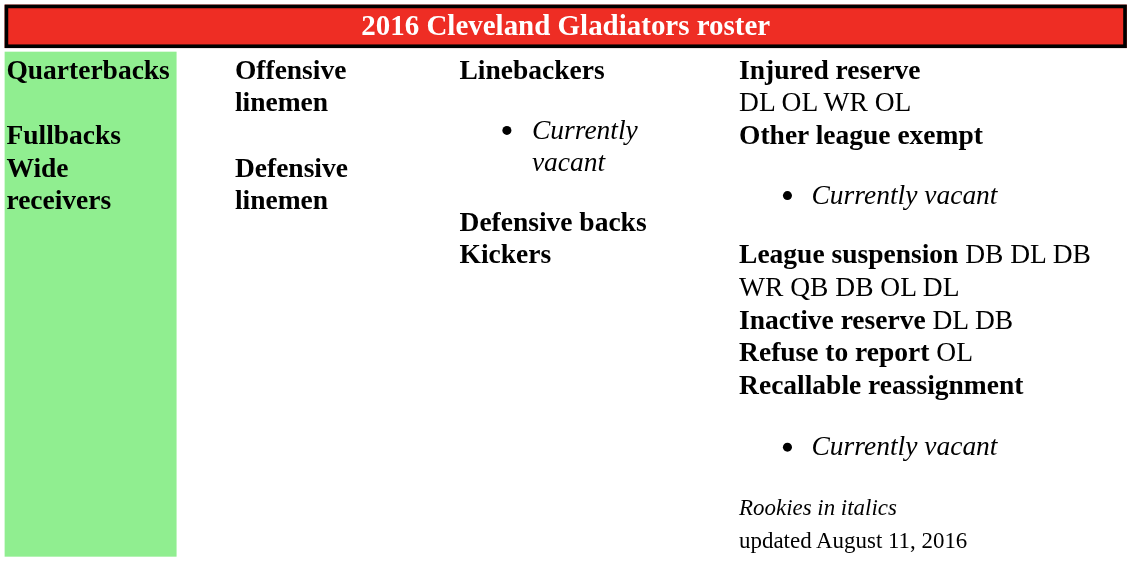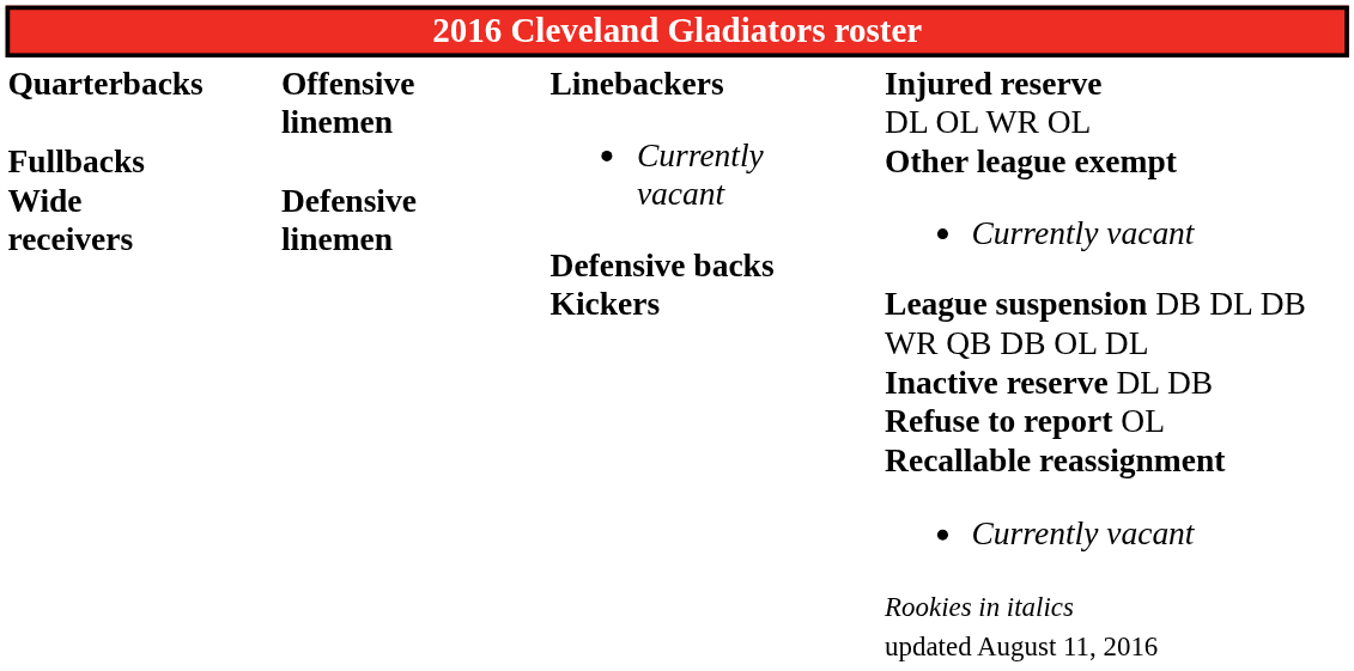 <table class="toccolours" style="text-align: left;">
 <tr>
 <th colspan=7 style="background:#EE2D24; border: 2px solid black; color:white; text-align:center;"><strong>2016 Cleveland Gladiators roster</strong></th>
 </tr>
 <tr>
-<td style="background: lightgreen; font-size: 95%;vertical-align:top;"><strong>Quarterbacks</strong><br> <br><strong>Fullbacks</strong>  <br><strong>Wide receivers</strong>     </td>
+<td style="font-size: 95%;vertical-align:top;"><strong>Quarterbacks</strong><br> <br><strong>Fullbacks</strong>  <br><strong>Wide receivers</strong>     </td>
 <td style="width: 25px;"></td>
 <td style="font-size: 95%;vertical-align:top;"><strong>Offensive linemen</strong><br>    <br><strong>Defensive linemen</strong>    </td>
 <td style="width: 25px;"></td>
 <td style="font-size: 95%;vertical-align:top;"><strong>Linebackers</strong><br><ul><li><em>Currently vacant</em></li></ul><strong>Defensive backs</strong>     <br><strong>Kickers</strong> </td>
 <td style="width: 25px;"></td>
 <td style="font-size: 95%;vertical-align:top;"><strong>Injured reserve</strong><br> DL  OL  WR  OL<br><strong>Other league exempt</strong><ul><li><em>Currently vacant</em></li></ul><strong>League suspension</strong>  DB  DL  DB  WR  QB  DB  OL  DL<br><strong>Inactive reserve</strong>  DL  DB<br><strong>Refuse to report</strong>  OL<br><strong>Recallable reassignment</strong><ul><li><em>Currently vacant</em></li></ul><small><em>Rookies in italics</em><br><span></span> updated August 11, 2016</small><br> </td>
 </tr>
 </table>
